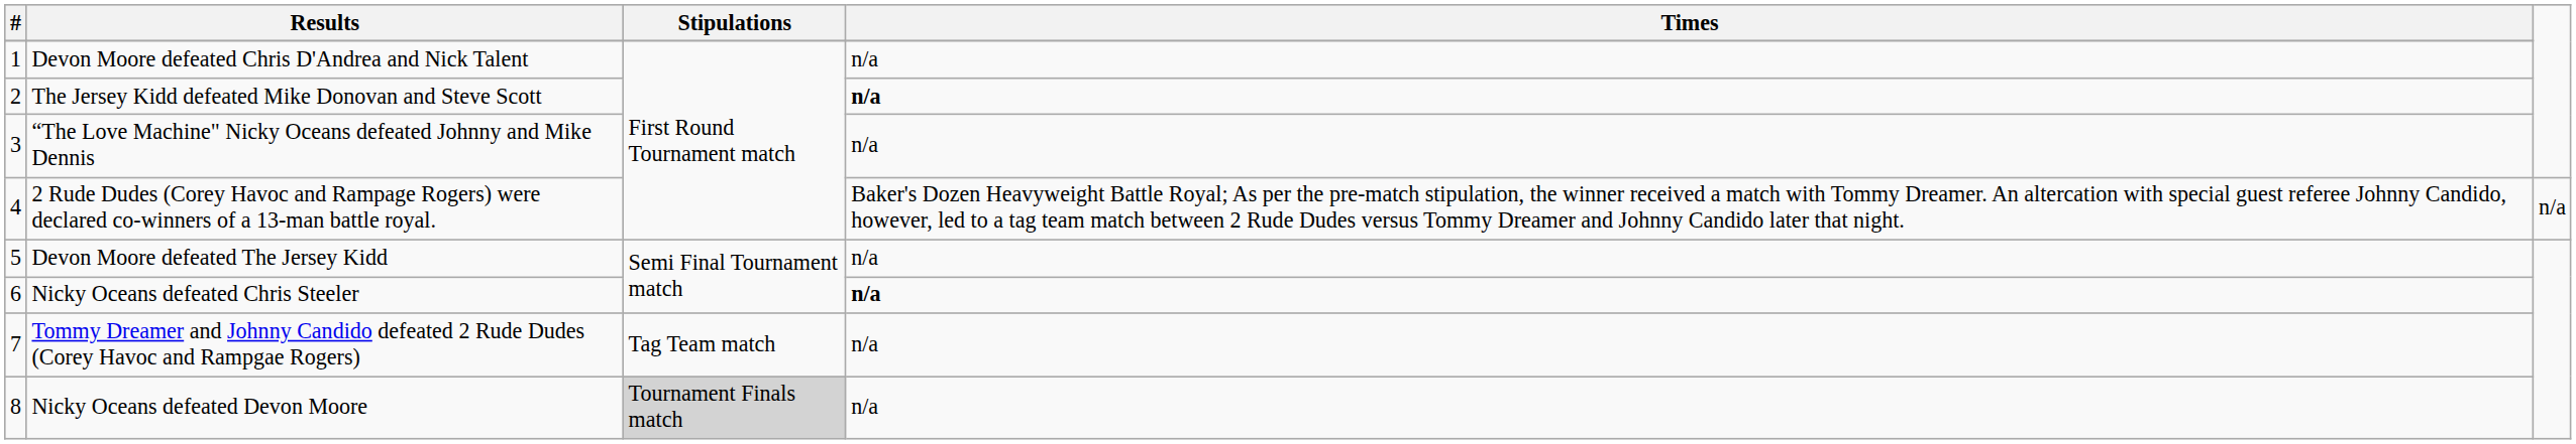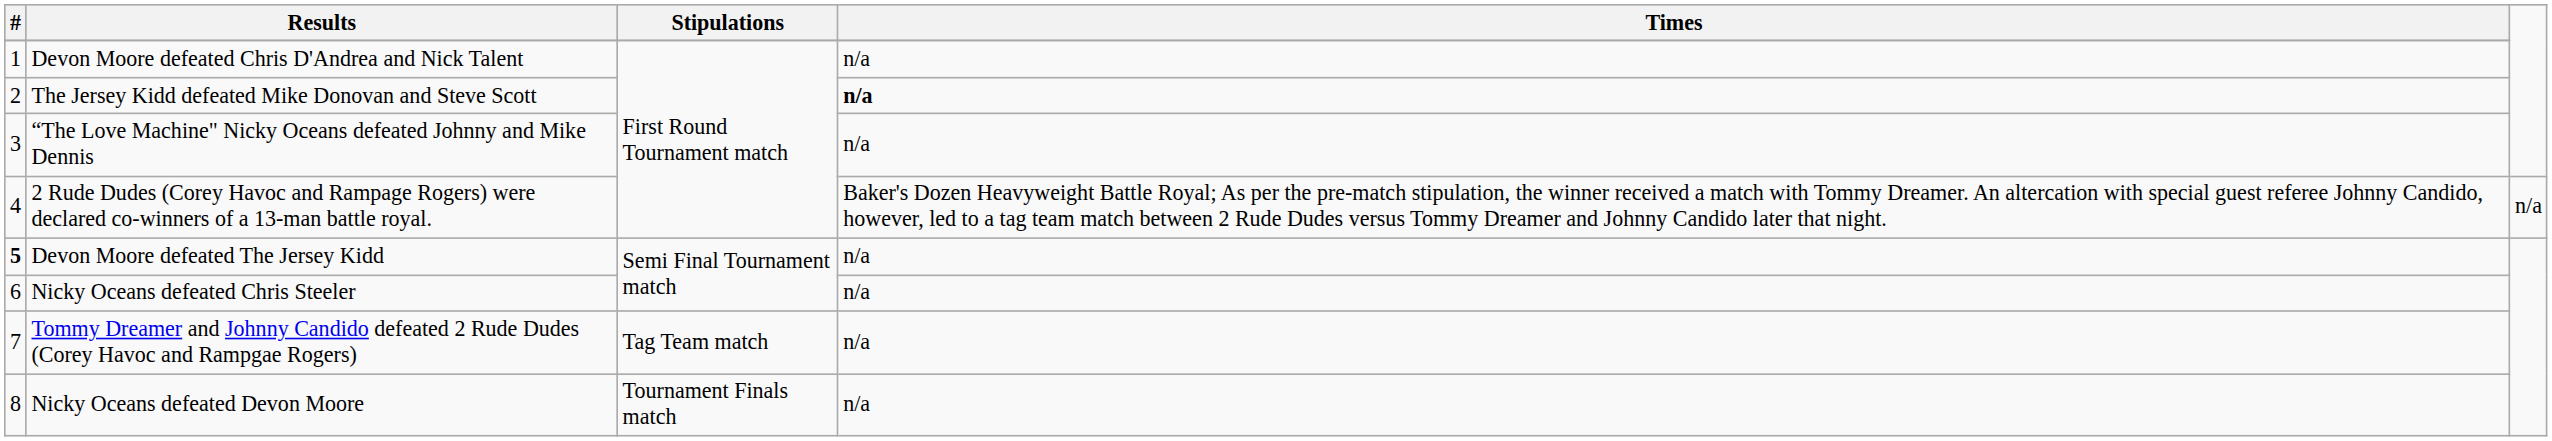 <table style="font-size: 85%; text-align: left;" class="wikitable sortable">
 <tr>
 <th><strong>#</strong></th>
 <th><strong>Results</strong></th>
 <th><strong>Stipulations</strong></th>
 <th><strong>Times</strong></th>
 </tr>
 <tr>
 </tr>
 <tr>
 <td>1</td>
 <td>Devon Moore defeated Chris D'Andrea and Nick Talent</td>
 <td rowspan="4">First Round Tournament match</td>
 <td>n/a</td>
 </tr>
 <tr>
 <td>2</td>
 <td>The Jersey Kidd defeated Mike Donovan and Steve Scott</td>
 <td><strong>n/a</strong></td>
 </tr>
 <tr>
 <td>3</td>
 <td>“The Love Machine" Nicky Oceans defeated Johnny and Mike Dennis</td>
 <td>n/a</td>
 </tr>
 <tr>
 <td>4</td>
 <td>2 Rude Dudes (Corey Havoc and Rampage Rogers) were declared co-winners of a 13-man battle royal.</td>
 <td>Baker's Dozen Heavyweight Battle Royal; As per the pre-match stipulation, the winner received a match with Tommy Dreamer. An altercation with special guest referee Johnny Candido, however, led to a tag team match between 2 Rude Dudes versus Tommy Dreamer and Johnny Candido later that night.</td>
 <td>n/a</td>
 </tr>
 <tr>
-<td>5</td>
+<td><strong>5</strong></td>
 <td>Devon Moore defeated The Jersey Kidd</td>
 <td rowspan="2">Semi Final Tournament match</td>
 <td>n/a</td>
 </tr>
 <tr>
 <td>6</td>
 <td>Nicky Oceans defeated Chris Steeler</td>
-<td><strong>n/a</strong></td>
+<td>n/a</td>
 </tr>
 <tr>
 <td>7</td>
 <td><a href='#'>Tommy Dreamer</a> and <a href='#'>Johnny Candido</a> defeated 2 Rude Dudes (Corey Havoc and Rampgae Rogers)</td>
 <td>Tag Team match</td>
 <td>n/a</td>
 </tr>
 <tr>
 <td>8</td>
 <td>Nicky Oceans defeated Devon Moore</td>
-<td style="background: lightgrey;">Tournament Finals match</td>
+<td>Tournament Finals match</td>
 <td>n/a</td>
 </tr>
 </table>
